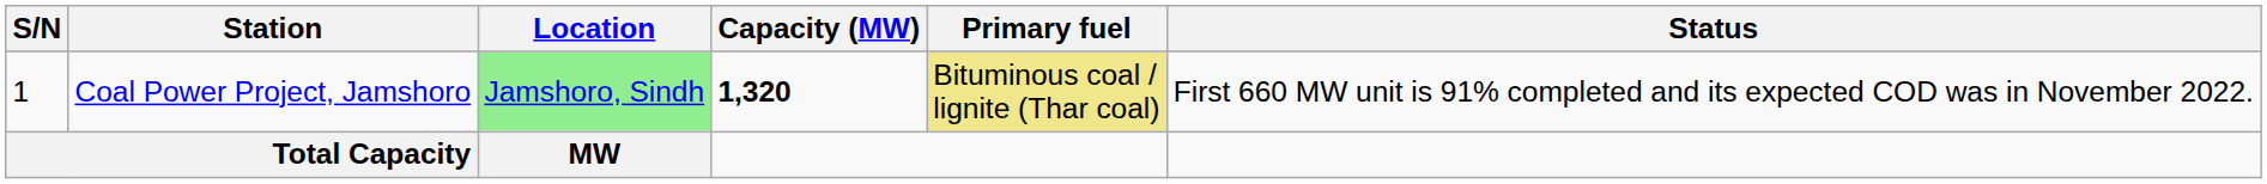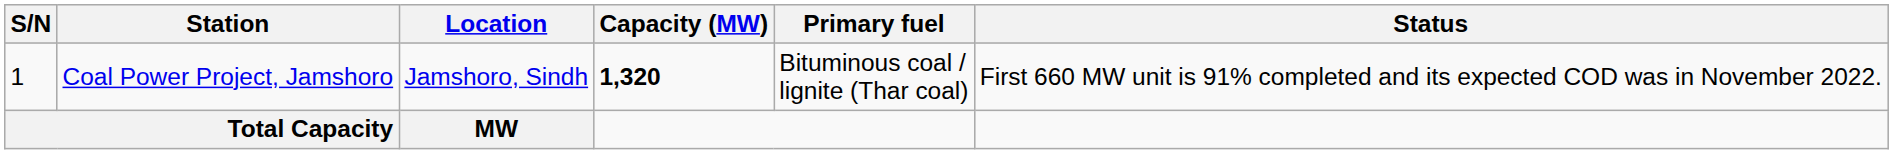 <table class="wikitable sortable">
 <tr>
 <th>S/N</th>
 <th>Station</th>
 <th><a href='#'>Location</a></th>
 <th>Capacity (<a href='#'>MW</a>)</th>
 <th>Primary fuel</th>
 <th>Status</th>
 </tr>
 <tr>
 <td>1</td>
 <td><a href='#'>Coal Power Project, Jamshoro</a></td>
-<td style="background: lightgreen;"><a href='#'>Jamshoro, Sindh</a></td>
+<td><a href='#'>Jamshoro, Sindh</a></td>
 <td><strong>1,320</strong></td>
-<td style="background: khaki;">Bituminous coal /<br>lignite (Thar coal)</td>
+<td>Bituminous coal /<br>lignite (Thar coal)</td>
 <td>First 660 MW unit is 91% completed and its expected COD was in November 2022.</td>
 </tr>
 <tr>
 <th colspan="2" style="text-align:right;"><strong>Total Capacity</strong></th>
 <th colspan="1" style="text-align:center;"><strong> MW</strong></th>
 <td colspan="2"></td>
 </tr>
 </table>
